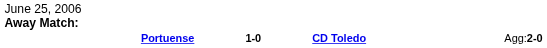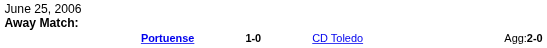 <table width=100% cellspacing=1>
 <tr>
 <th width=20%></th>
 <th width=12%></th>
 <th width=20%></th>
 <th></th>
 </tr>
 <tr>
 <td>June 25, 2006<br><strong>Away Match:</strong></td>
 </tr>
 <tr style=font-size:90%>
 <td align=right><strong><a href='#'>Portuense</a></strong></td>
 <td align=center><strong>1-0</strong></td>
-<td><strong><a href='#'>CD Toledo</a></strong></td>
+<td><a href='#'>CD Toledo</a></td>
 <td>Agg:<strong>2-0</strong></td>
 </tr>
 </table>
